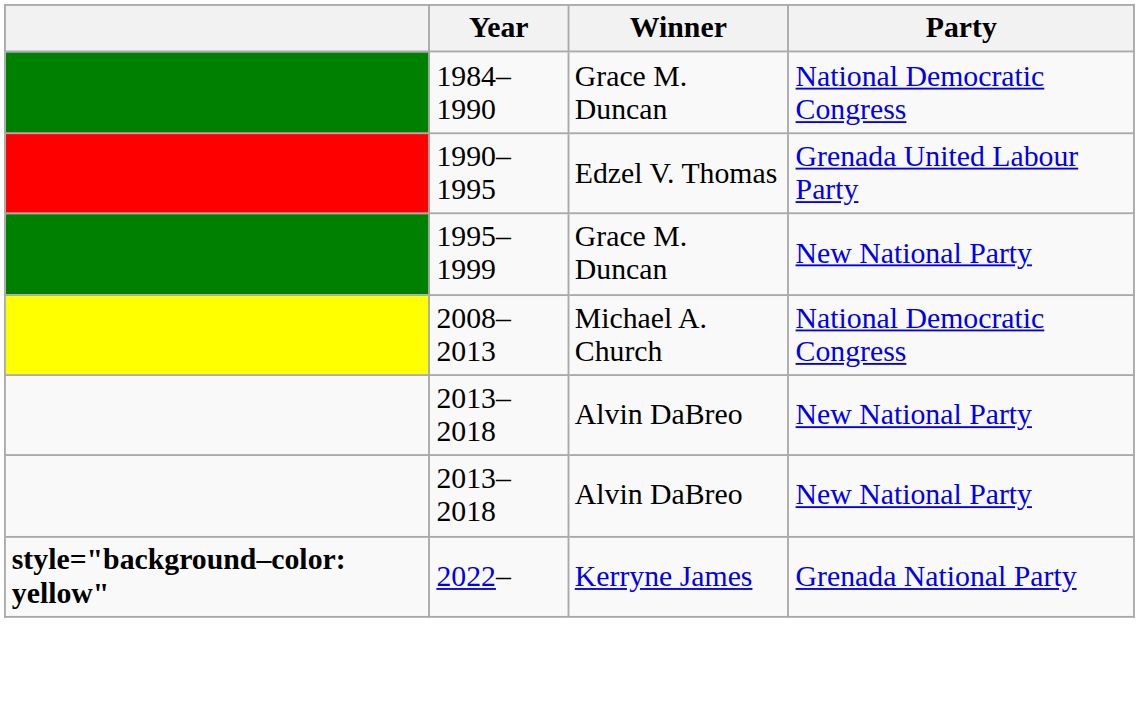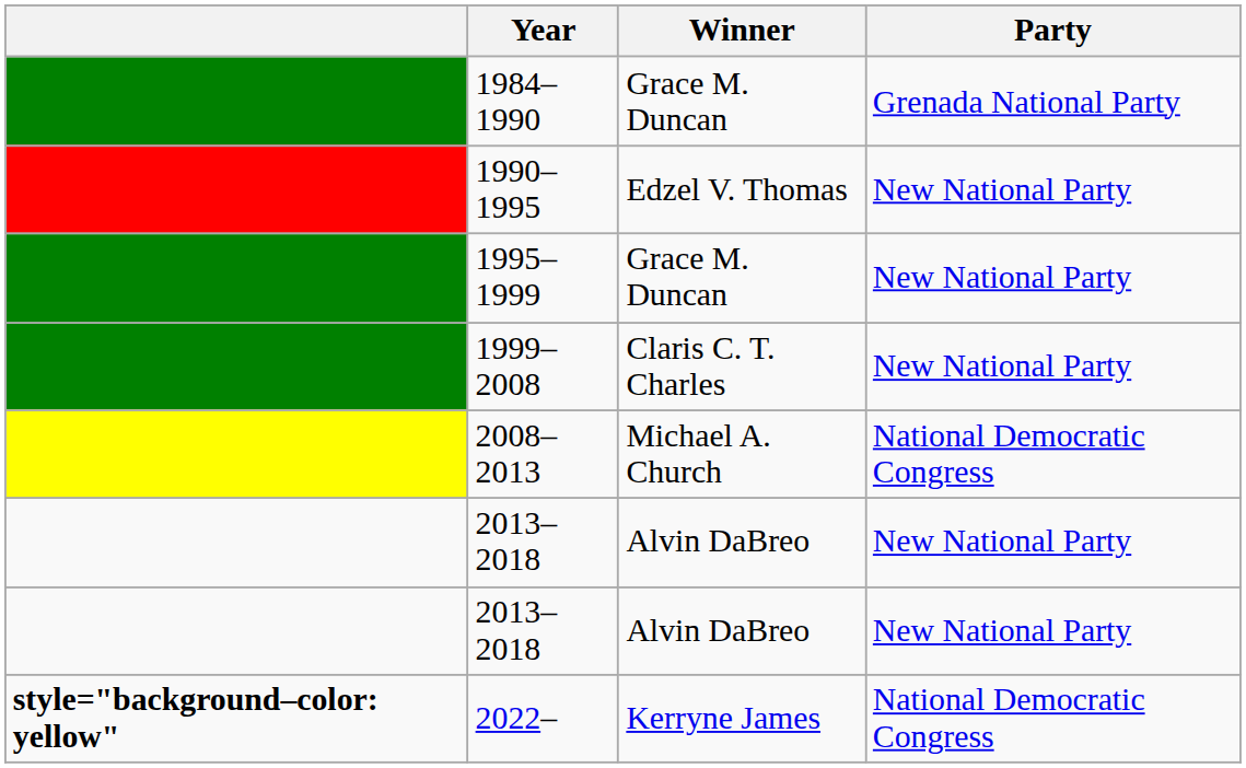 <table class="wikitable">
 <tr>
 <th></th>
 <th><strong>Year</strong></th>
 <th><strong>Winner</strong></th>
 <th><strong>Party</strong></th>
 </tr>
 <tr>
 <td style="background-color: Green"></td>
 <td>1984–1990</td>
 <td>Grace M. Duncan</td>
-<td><a href='#'>National Democratic Congress</a></td>
+<td><a href='#'>Grenada National Party</a></td>
 </tr>
 <tr>
 <td style="background-color: Red"></td>
 <td>1990–1995</td>
 <td>Edzel V. Thomas</td>
-<td><a href='#'>Grenada United Labour Party</a></td>
+<td><a href='#'>New National Party</a></td>
 </tr>
 <tr>
 <td style="background-color: Green"></td>
 <td>1995–1999</td>
 <td>Grace M. Duncan</td>
+<td><a href='#'>New National Party</a></td>
+</tr>
+<tr>
+<td style="background-color: Green"></td>
+<td>1999–2008</td>
+<td>Claris C. T. Charles</td>
 <td><a href='#'>New National Party</a></td>
 </tr>
 <tr>
 <td style="background-color: Yellow"></td>
 <td>2008–2013</td>
 <td>Michael A. Church</td>
 <td><a href='#'>National Democratic Congress</a></td>
 </tr>
 <tr>
 <td style="background–color: Green"></td>
 <td>2013–2018</td>
 <td>Alvin DaBreo</td>
 <td><a href='#'>New National Party</a></td>
 </tr>
 <tr>
 <td style="background–color: Green"></td>
 <td>2013–2018</td>
 <td>Alvin DaBreo</td>
 <td><a href='#'>New National Party</a></td>
 </tr>
 <tr>
 <td><strong>style="background–color: yellow"</strong></td>
 <td><a href='#'>2022</a>–</td>
 <td><a href='#'>Kerryne James</a></td>
-<td><a href='#'>Grenada National Party</a></td>
+<td><a href='#'>National Democratic Congress</a></td>
 </tr>
 </table>
